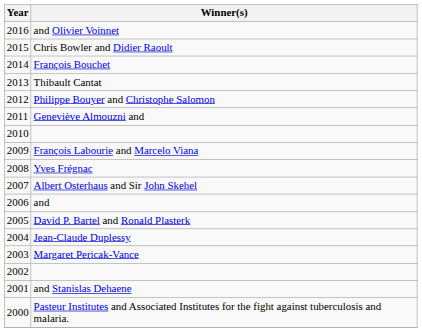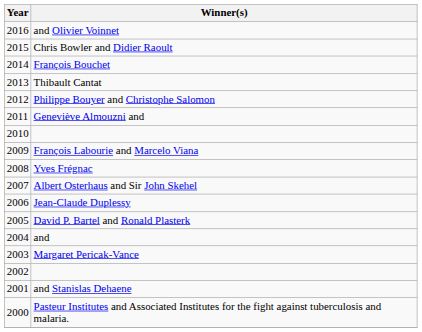 <table class="wikitable">
 <tr>
 <th>Year</th>
 <th>Winner(s)</th>
 </tr>
 <tr>
 <td>2016</td>
 <td> and <a href='#'>Olivier Voinnet</a></td>
 </tr>
 <tr>
 <td>2015</td>
 <td>Chris Bowler and <a href='#'>Didier Raoult</a></td>
 </tr>
 <tr>
 <td>2014</td>
 <td><a href='#'>François Bouchet</a></td>
 </tr>
 <tr>
 <td>2013</td>
 <td>Thibault Cantat</td>
 </tr>
 <tr>
 <td>2012</td>
 <td><a href='#'>Philippe Bouyer</a> and <a href='#'>Christophe Salomon</a></td>
 </tr>
 <tr>
 <td>2011</td>
 <td><a href='#'>Geneviève Almouzni</a> and </td>
 </tr>
 <tr>
 <td>2010</td>
 <td></td>
 </tr>
 <tr>
 <td>2009</td>
 <td><a href='#'>François Labourie</a> and <a href='#'>Marcelo Viana</a></td>
 </tr>
 <tr>
 <td>2008</td>
 <td><a href='#'>Yves Frégnac</a></td>
 </tr>
 <tr>
 <td>2007</td>
 <td><a href='#'>Albert Osterhaus</a> and Sir <a href='#'>John Skehel</a></td>
 </tr>
 <tr>
 <td>2006</td>
-<td> and </td>
+<td><a href='#'>Jean-Claude Duplessy</a></td>
 </tr>
 <tr>
 <td>2005</td>
 <td><a href='#'>David P. Bartel</a> and <a href='#'>Ronald Plasterk</a></td>
 </tr>
 <tr>
 <td>2004</td>
-<td><a href='#'>Jean-Claude Duplessy</a></td>
+<td> and </td>
 </tr>
 <tr>
 <td>2003</td>
 <td><a href='#'>Margaret Pericak-Vance</a></td>
 </tr>
 <tr>
 <td>2002</td>
 <td></td>
 </tr>
 <tr>
 <td>2001</td>
 <td> and <a href='#'>Stanislas Dehaene</a></td>
 </tr>
 <tr>
 <td>2000</td>
 <td><a href='#'>Pasteur Institutes</a> and Associated Institutes for the fight against tuberculosis and malaria.</td>
 </tr>
 <tr>
 </tr>
 </table>
